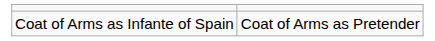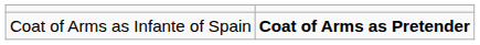 <table class="wikitable" style="text-align:center; margin:auto">
 <tr>
 <td></td>
 <td></td>
 </tr>
 <tr>
 <td>Coat of Arms as Infante of Spain</td>
-<td>Coat of Arms as Pretender</td>
+<td><strong>Coat of Arms as Pretender</strong></td>
 </tr>
 </table>
